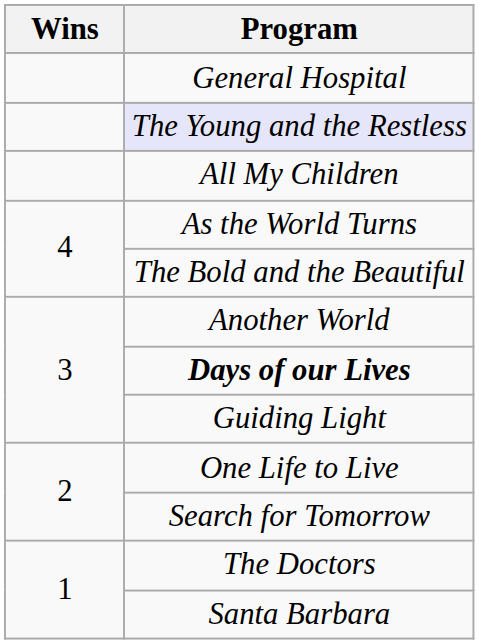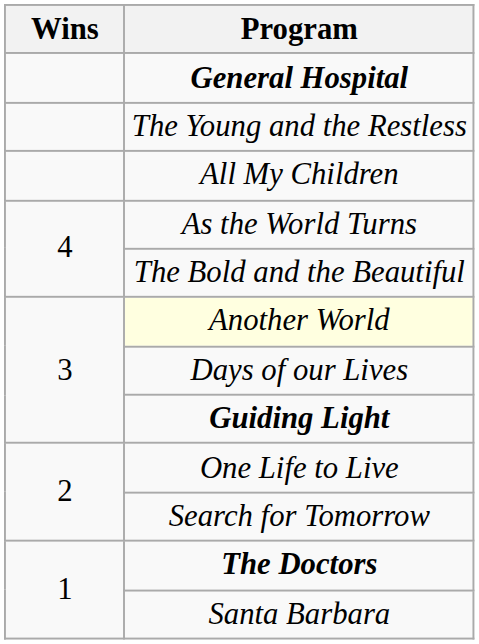 <table class="wikitable" style="text-align: center;">
 <tr>
 <th scope="col" width="55">Wins</th>
 <th scope="col" align="center">Program</th>
 </tr>
 <tr>
 <td scope="row" rowspan=1 style="text-align:center"></td>
-<td><em>General Hospital</em></td>
+<td><strong><em>General Hospital</em></strong></td>
 </tr>
 <tr>
 <td scope="row" rowspan=1 style="text-align:center"></td>
-<td style="background: lavender;"><em>The Young and the Restless</em></td>
+<td><em>The Young and the Restless</em></td>
 </tr>
 <tr>
 <td scope="row"></td>
 <td><em>All My Children</em></td>
 </tr>
 <tr>
 <td scope="row" rowspan=2 style="text-align:center">4</td>
 <td><em>As the World Turns</em></td>
 </tr>
 <tr>
 <td><em>The Bold and the Beautiful</em></td>
 </tr>
 <tr>
 <td scope="row" rowspan=3 style="text-align:center">3</td>
-<td><em>Another World</em></td>
+<td style="background: lightyellow;"><em>Another World</em></td>
 </tr>
 <tr>
-<td><strong><em>Days of our Lives</em></strong></td>
+<td><em>Days of our Lives</em></td>
 </tr>
 <tr>
-<td><em>Guiding Light</em></td>
+<td><strong><em>Guiding Light</em></strong></td>
 </tr>
 <tr>
 <td scope="row" rowspan=2 style="text-align:center">2</td>
 <td><em>One Life to Live</em></td>
 </tr>
 <tr>
 <td><em>Search for Tomorrow</em></td>
 </tr>
 <tr>
 <td scope="row" rowspan=2 style="text-align:center">1</td>
-<td><em>The Doctors</em></td>
+<td><strong><em>The Doctors</em></strong></td>
 </tr>
 <tr>
 <td><em>Santa Barbara</em></td>
 </tr>
 </table>
